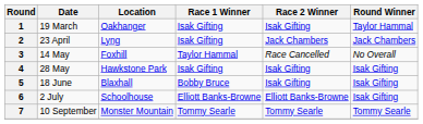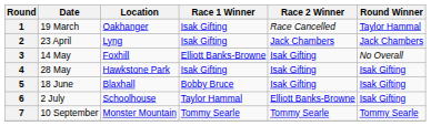 <table class="wikitable" style="font-size: 85%;">
 <tr>
 <th>Round</th>
 <th>Date</th>
 <th>Location</th>
 <th>Race 1 Winner</th>
 <th>Race 2 Winner</th>
 <th>Round Winner</th>
 </tr>
 <tr>
 <th>1</th>
 <td>19 March</td>
 <td><a href='#'>Oakhanger</a></td>
 <td> <a href='#'>Isak Gifting</a></td>
-<td> <a href='#'>Isak Gifting</a></td>
+<td><em>Race Cancelled</em></td>
 <td> <a href='#'>Taylor Hammal</a></td>
 </tr>
 <tr>
 <th>2</th>
 <td>23 April</td>
 <td><a href='#'>Lyng</a></td>
 <td> <a href='#'>Isak Gifting</a></td>
 <td> <a href='#'>Jack Chambers</a></td>
 <td> <a href='#'>Jack Chambers</a></td>
 </tr>
 <tr>
 <th>3</th>
 <td>14 May</td>
 <td><a href='#'>Foxhill</a></td>
-<td> <a href='#'>Taylor Hammal</a></td>
-<td><em>Race Cancelled</em></td>
+<td> <a href='#'>Elliott Banks-Browne</a></td>
+<td> <a href='#'>Isak Gifting</a></td>
 <td><em>No Overall</em></td>
 </tr>
 <tr>
 <th>4</th>
 <td>28 May</td>
 <td><a href='#'>Hawkstone Park</a></td>
 <td> <a href='#'>Isak Gifting</a></td>
 <td> <a href='#'>Isak Gifting</a></td>
 <td> <a href='#'>Isak Gifting</a></td>
 </tr>
 <tr>
 <th>5</th>
 <td>18 June</td>
 <td><a href='#'>Blaxhall</a></td>
 <td> <a href='#'>Bobby Bruce</a></td>
 <td> <a href='#'>Isak Gifting</a></td>
 <td> <a href='#'>Isak Gifting</a></td>
 </tr>
 <tr>
 <th>6</th>
 <td>2 July</td>
 <td><a href='#'>Schoolhouse</a></td>
-<td> <a href='#'>Elliott Banks-Browne</a></td>
+<td> <a href='#'>Taylor Hammal</a></td>
 <td> <a href='#'>Elliott Banks-Browne</a></td>
 <td> <a href='#'>Isak Gifting</a></td>
 </tr>
 <tr>
 <th>7</th>
 <td>10 September</td>
 <td><a href='#'>Monster Mountain</a></td>
 <td> <a href='#'>Tommy Searle</a></td>
 <td> <a href='#'>Tommy Searle</a></td>
 <td> <a href='#'>Tommy Searle</a></td>
 </tr>
 <tr>
 </tr>
 </table>
